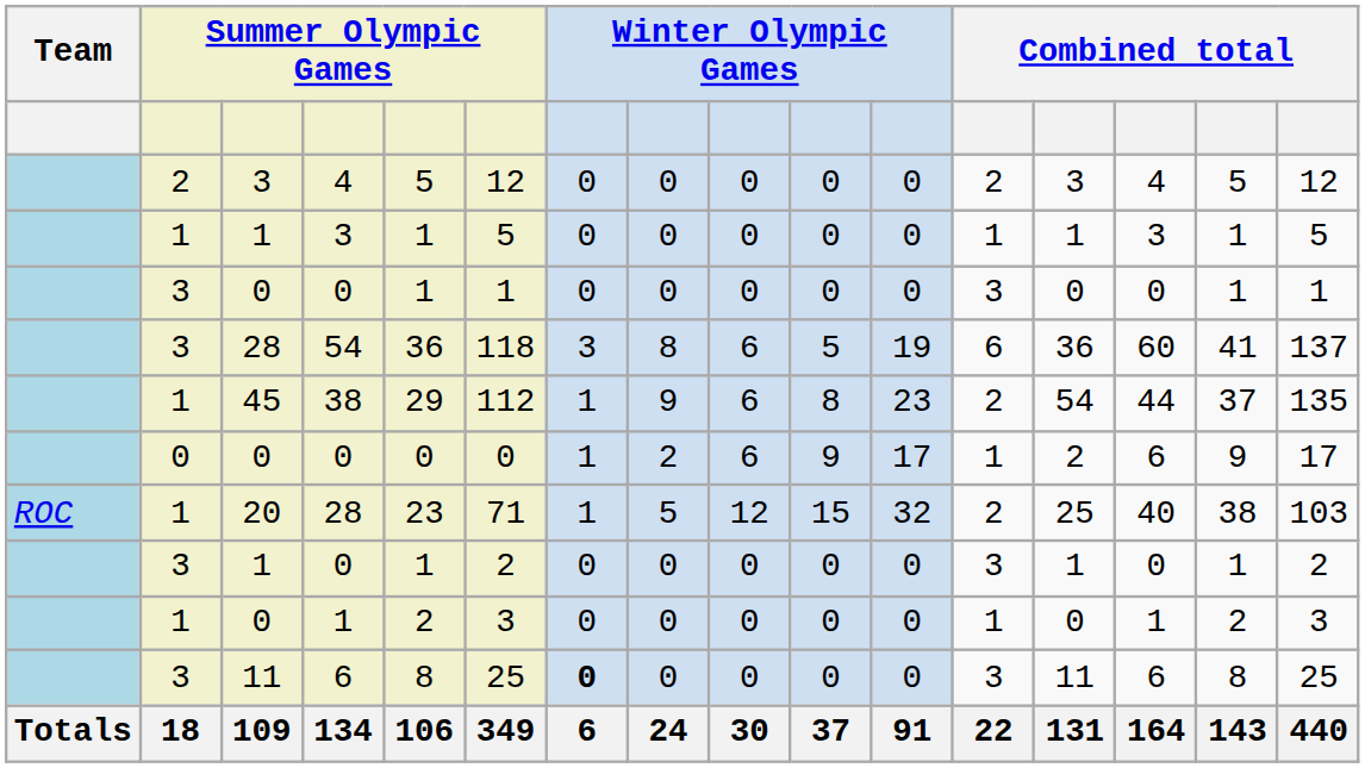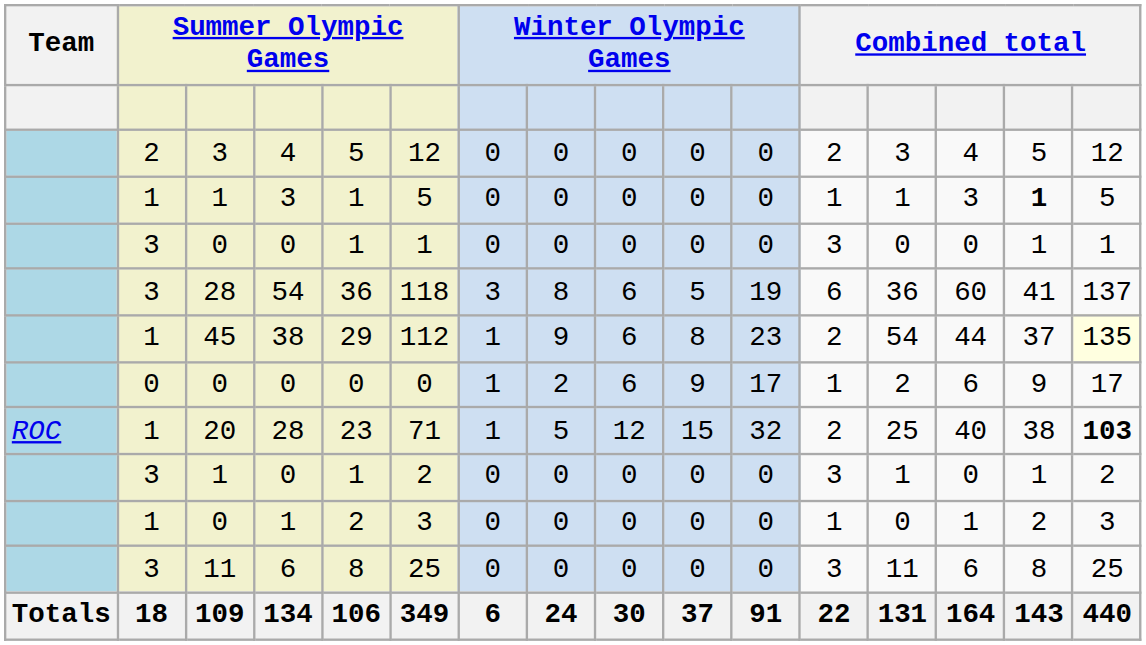 <table class="wikitable sortable" style="margin-top:0; text-align:center; font-size:90%;">
 <tr>
 <th>Team</th>
 <th align="center" style="background-color:#f2f2ce;" colspan="5" ;><a href='#'>Summer Olympic Games</a></th>
 <th align="center" style="background-color:#cedff2;" colspan="5" ;><a href='#'>Winter Olympic Games</a></th>
 <th align="center" colspan="5" ;><a href='#'>Combined total</a></th>
 </tr>
 <tr>
 <th></th>
 <th style="background-color:#f2f2ce; width:2em;"><br></th>
 <th style="background-color:#f2f2ce; width:2em;"><br></th>
 <th style="background-color:#f2f2ce; width:2em;"><br></th>
 <th style="background-color:#f2f2ce; width:2em;"><br></th>
 <th style="background-color:#f2f2ce; width:2em;"><br></th>
 <th style="background-color:#cedff2; width:2em;"><br></th>
 <th style="background-color:#cedff2; width:2em;"><br></th>
 <th style="background-color:#cedff2; width:2em;"><br></th>
 <th style="background-color:#cedff2; width:2em;"><br></th>
 <th style="background-color:#cedff2; width:2em;"><br></th>
 <th style="width:2em;"><br></th>
 <th style="width:2em;"><br></th>
 <th style="width:2em;"><br></th>
 <th style="width:2em;"><br></th>
 <th style="width:2em;"><br></th>
 </tr>
 <tr>
 <td align=left bgcolor=lightblue><span><em></em></span></td>
 <td style="background:#f2f2ce;">2</td>
 <td style="background:#f2f2ce;">3</td>
 <td style="background:#f2f2ce;">4</td>
 <td style="background:#f2f2ce;">5</td>
 <td style="background:#f2f2ce;">12</td>
 <td style="background:#cedff2;">0</td>
 <td style="background:#cedff2;">0</td>
 <td style="background:#cedff2;">0</td>
 <td style="background:#cedff2;">0</td>
 <td style="background:#cedff2;">0</td>
 <td>2</td>
 <td>3</td>
 <td>4</td>
 <td>5</td>
 <td>12</td>
 </tr>
 <tr>
 <td align=left bgcolor=lightblue><span><em></em></span></td>
 <td style="background:#f2f2ce;">1</td>
 <td style="background:#f2f2ce;">1</td>
 <td style="background:#f2f2ce;">3</td>
 <td style="background:#f2f2ce;">1</td>
 <td style="background:#f2f2ce;">5</td>
 <td style="background:#cedff2;">0</td>
 <td style="background:#cedff2;">0</td>
 <td style="background:#cedff2;">0</td>
 <td style="background:#cedff2;">0</td>
 <td style="background:#cedff2;">0</td>
 <td>1</td>
 <td>1</td>
 <td>3</td>
-<td>1</td>
+<td><strong>1</strong></td>
 <td>5</td>
 </tr>
 <tr>
 <td align=left bgcolor=lightblue><span><em></em></span></td>
 <td style="background:#f2f2ce;">3</td>
 <td style="background:#f2f2ce;">0</td>
 <td style="background:#f2f2ce;">0</td>
 <td style="background:#f2f2ce;">1</td>
 <td style="background:#f2f2ce;">1</td>
 <td style="background:#cedff2;">0</td>
 <td style="background:#cedff2;">0</td>
 <td style="background:#cedff2;">0</td>
 <td style="background:#cedff2;">0</td>
 <td style="background:#cedff2;">0</td>
 <td>3</td>
 <td>0</td>
 <td>0</td>
 <td>1</td>
 <td>1</td>
 </tr>
 <tr>
 <td align=left bgcolor=lightblue><span><em></em></span></td>
 <td style="background:#f2f2ce;">3</td>
 <td style="background:#f2f2ce;">28</td>
 <td style="background:#f2f2ce;">54</td>
 <td style="background:#f2f2ce;">36</td>
 <td style="background:#f2f2ce;">118</td>
 <td style="background:#cedff2;">3</td>
 <td style="background:#cedff2;">8</td>
 <td style="background:#cedff2;">6</td>
 <td style="background:#cedff2;">5</td>
 <td style="background:#cedff2;">19</td>
 <td>6</td>
 <td>36</td>
 <td>60</td>
 <td>41</td>
 <td>137</td>
 </tr>
 <tr>
 <td align=left bgcolor=lightblue><span><em></em></span></td>
 <td style="background:#f2f2ce;">1</td>
 <td style="background:#f2f2ce;">45</td>
 <td style="background:#f2f2ce;">38</td>
 <td style="background:#f2f2ce;">29</td>
 <td style="background:#f2f2ce;">112</td>
 <td style="background:#cedff2;">1</td>
 <td style="background:#cedff2;">9</td>
 <td style="background:#cedff2;">6</td>
 <td style="background:#cedff2;">8</td>
 <td style="background:#cedff2;">23</td>
 <td>2</td>
 <td>54</td>
 <td>44</td>
 <td>37</td>
-<td>135</td>
+<td style="background: lightyellow;">135</td>
 </tr>
 <tr>
 <td align=left bgcolor=lightblue><span><em></em></span></td>
 <td style="background:#f2f2ce;">0</td>
 <td style="background:#f2f2ce;">0</td>
 <td style="background:#f2f2ce;">0</td>
 <td style="background:#f2f2ce;">0</td>
 <td style="background:#f2f2ce;">0</td>
 <td style="background:#cedff2;">1</td>
 <td style="background:#cedff2;">2</td>
 <td style="background:#cedff2;">6</td>
 <td style="background:#cedff2;">9</td>
 <td style="background:#cedff2;">17</td>
 <td>1</td>
 <td>2</td>
 <td>6</td>
 <td>9</td>
 <td>17</td>
 </tr>
 <tr>
 <td align=left bgcolor=lightblue><span><em> <a href='#'>ROC</a> </em></span></td>
 <td style="background:#f2f2ce;">1</td>
 <td style="background:#f2f2ce;">20</td>
 <td style="background:#f2f2ce;">28</td>
 <td style="background:#f2f2ce;">23</td>
 <td style="background:#f2f2ce;">71</td>
 <td style="background:#cedff2;">1</td>
 <td style="background:#cedff2;">5</td>
 <td style="background:#cedff2;">12</td>
 <td style="background:#cedff2;">15</td>
 <td style="background:#cedff2;">32</td>
 <td>2</td>
 <td>25</td>
 <td>40</td>
 <td>38</td>
-<td>103</td>
+<td><strong>103</strong></td>
 </tr>
 <tr>
 <td align=left bgcolor=lightblue><span><em></em></span></td>
 <td style="background:#f2f2ce;">3</td>
 <td style="background:#f2f2ce;">1</td>
 <td style="background:#f2f2ce;">0</td>
 <td style="background:#f2f2ce;">1</td>
 <td style="background:#f2f2ce;">2</td>
 <td style="background:#cedff2;">0</td>
 <td style="background:#cedff2;">0</td>
 <td style="background:#cedff2;">0</td>
 <td style="background:#cedff2;">0</td>
 <td style="background:#cedff2;">0</td>
 <td>3</td>
 <td>1</td>
 <td>0</td>
 <td>1</td>
 <td>2</td>
 </tr>
 <tr>
 <td align=left bgcolor=lightblue><span><em></em></span></td>
 <td style="background:#f2f2ce;">1</td>
 <td style="background:#f2f2ce;">0</td>
 <td style="background:#f2f2ce;">1</td>
 <td style="background:#f2f2ce;">2</td>
 <td style="background:#f2f2ce;">3</td>
 <td style="background:#cedff2;">0</td>
 <td style="background:#cedff2;">0</td>
 <td style="background:#cedff2;">0</td>
 <td style="background:#cedff2;">0</td>
 <td style="background:#cedff2;">0</td>
 <td>1</td>
 <td>0</td>
 <td>1</td>
 <td>2</td>
 <td>3</td>
 </tr>
 <tr>
 <td align=left bgcolor=lightblue><span><em></em></span></td>
 <td style="background:#f2f2ce;">3</td>
 <td style="background:#f2f2ce;">11</td>
 <td style="background:#f2f2ce;">6</td>
 <td style="background:#f2f2ce;">8</td>
 <td style="background:#f2f2ce;">25</td>
-<td style="background:#cedff2;"><strong>0</strong></td>
+<td style="background:#cedff2;">0</td>
 <td style="background:#cedff2;">0</td>
 <td style="background:#cedff2;">0</td>
 <td style="background:#cedff2;">0</td>
 <td style="background:#cedff2;">0</td>
 <td>3</td>
 <td>11</td>
 <td>6</td>
 <td>8</td>
 <td>25</td>
 </tr>
 <tr class="sortbottom">
 <th>Totals</th>
 <th>18</th>
 <th>109</th>
 <th>134</th>
 <th>106</th>
 <th>349</th>
 <th>6</th>
 <th>24</th>
 <th>30</th>
 <th>37</th>
 <th>91</th>
 <th>22</th>
 <th>131</th>
 <th>164</th>
 <th>143</th>
 <th>440</th>
 </tr>
 </table>
